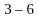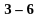 <table style="text-align:center">
 <tr>
 <th width=200></th>
 <th width=100></th>
 <th width=200></th>
 </tr>
 <tr>
 <td align=right></td>
-<td>3 – 6</td>
+<td><strong>3 – 6</strong></td>
 <td align=left><strong></strong></td>
 </tr>
 </table>
